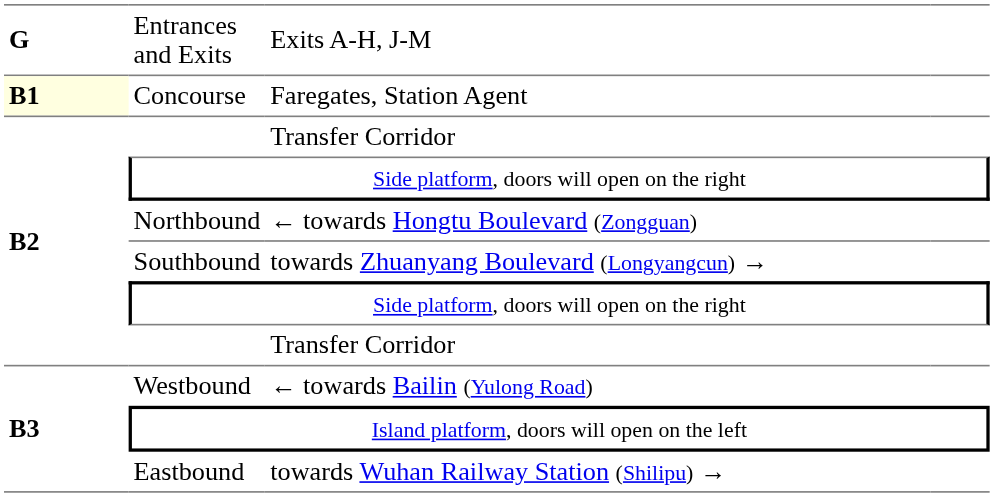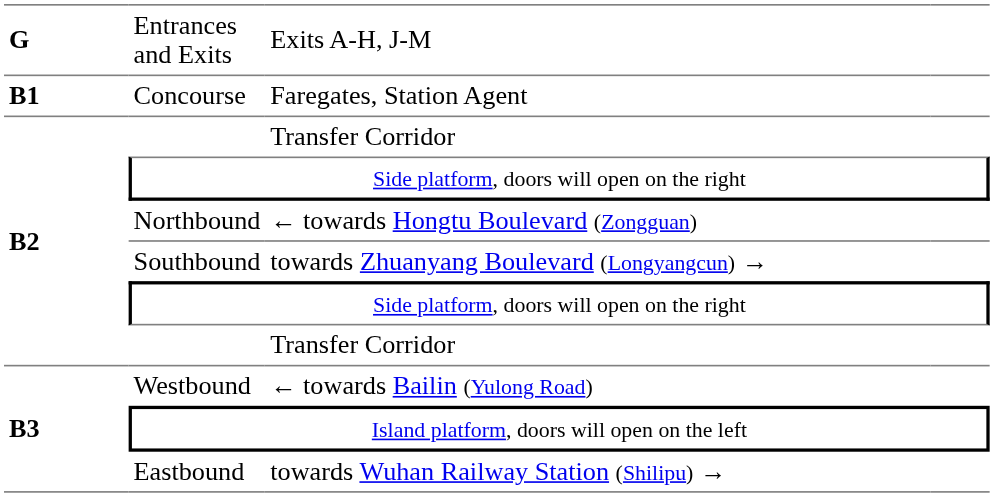 <table table border=0 cellspacing=0 cellpadding=3>
 <tr>
 <td style="border-bottom:solid 1px gray; border-top:solid 1px gray;"><strong>G</strong></td>
 <td style="border-bottom:solid 1px gray; border-top:solid 1px gray;">Entrances and Exits</td>
 <td style="border-bottom:solid 1px gray; border-top:solid 1px gray;">Exits A-H, J-M</td>
 <td style="border-bottom:solid 1px gray; border-top:solid 1px gray;"></td>
 </tr>
 <tr>
-<td width=70 style="background: lightyellow;"><strong>B1</strong></td>
+<td width=70><strong>B1</strong></td>
 <td width=70>Concourse</td>
 <td width=400>Faregates, Station Agent</td>
 <td width=30></td>
 </tr>
 <tr>
 <td style="border-top:solid 1px gray;border-bottom:solid 1px gray;" rowspan=6><strong>B2</strong></td>
 <td style="border-top:solid 1px gray;"></td>
 <td style="border-top:solid 1px gray;">Transfer Corridor</td>
 <td style="border-top:solid 1px gray;"></td>
 </tr>
 <tr>
 <td style="border-right:solid 2px black;border-left:solid 2px black;border-top:solid 1px gray;border-bottom:solid 2px black;text-align:center;" colspan=3><small><a href='#'>Side platform</a>, doors will open on the right</small></td>
 </tr>
 <tr>
 <td>Northbound</td>
 <td>←  towards <a href='#'>Hongtu Boulevard</a> <small>(<a href='#'>Zongguan</a>)</small></td>
 <td></td>
 </tr>
 <tr>
 <td style="border-top:solid 1px gray;">Southbound</td>
 <td style="border-top:solid 1px gray;"> towards <a href='#'>Zhuanyang Boulevard</a> <small>(<a href='#'>Longyangcun</a>)</small> →</td>
 <td style="border-top:solid 1px gray;"></td>
 </tr>
 <tr>
 <td style="border-right:solid 2px black;border-left:solid 2px black;border-top:solid 2px black;border-bottom:solid 1px gray;text-align:center;" colspan=3><small><a href='#'>Side platform</a>, doors will open on the right</small></td>
 </tr>
 <tr>
 <td style="border-bottom:solid 1px gray;"></td>
 <td style="border-bottom:solid 1px gray;">Transfer Corridor</td>
 <td style="border-bottom:solid 1px gray;"></td>
 </tr>
 <tr>
 <td style="border-bottom:solid 1px gray;" rowspan=3><strong>B3</strong></td>
 <td>Westbound</td>
 <td>←  towards <a href='#'>Bailin</a> <small>(<a href='#'>Yulong Road</a>)</small></td>
 <td></td>
 </tr>
 <tr>
 <td style="border-right:solid 2px black;border-left:solid 2px black;border-top:solid 2px black;border-bottom:solid 2px black;text-align:center;" colspan=3><small><a href='#'>Island platform</a>, doors will open on the left</small></td>
 </tr>
 <tr>
 <td style="border-bottom:solid 1px gray;">Eastbound</td>
 <td style="border-bottom:solid 1px gray;"> towards <a href='#'>Wuhan Railway Station</a> <small>(<a href='#'>Shilipu</a>)</small> →</td>
 <td style="border-bottom:solid 1px gray;"></td>
 </tr>
 <tr>
 </tr>
 </table>
